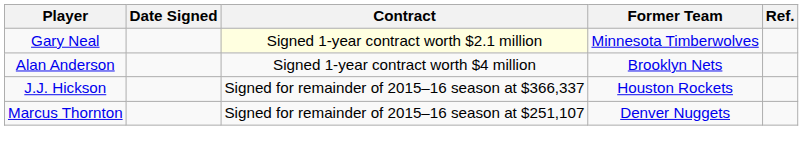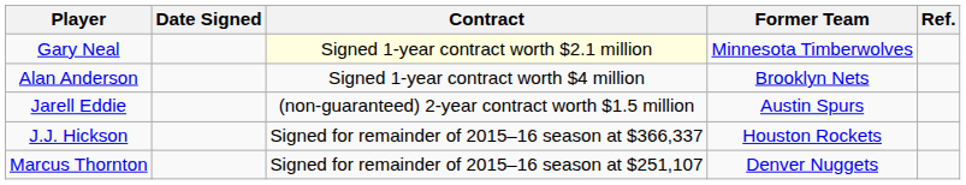 <table class="wikitable sortable sortable">
 <tr>
 <th>Player</th>
 <th>Date Signed</th>
 <th>Contract</th>
 <th>Former Team</th>
 <th>Ref.</th>
 </tr>
 <tr style="text-align: center">
 <td><a href='#'>Gary Neal</a></td>
 <td></td>
 <td style="background: lightyellow;">Signed 1-year contract worth $2.1 million</td>
 <td><a href='#'>Minnesota Timberwolves</a></td>
 <td></td>
 </tr>
 <tr style="text-align: center">
 <td><a href='#'>Alan Anderson</a></td>
 <td></td>
 <td>Signed 1-year contract worth $4 million</td>
 <td><a href='#'>Brooklyn Nets</a></td>
 <td></td>
 </tr>
 <tr style="text-align: center">
+<td><a href='#'>Jarell Eddie</a></td>
+<td></td>
+<td>(non-guaranteed) 2-year contract worth $1.5 million</td>
+<td><a href='#'>Austin Spurs</a></td>
+<td></td>
+</tr>
+<tr style="text-align: center">
 <td><a href='#'>J.J. Hickson</a></td>
 <td></td>
 <td>Signed for remainder of 2015–16 season at $366,337</td>
 <td><a href='#'>Houston Rockets</a></td>
 <td></td>
 </tr>
 <tr style="text-align: center">
 <td><a href='#'>Marcus Thornton</a></td>
 <td></td>
 <td>Signed for remainder of 2015–16 season at $251,107</td>
 <td><a href='#'>Denver Nuggets</a></td>
 <td></td>
 </tr>
 </table>
